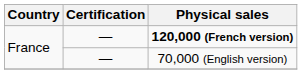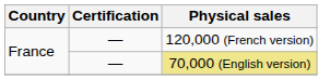 <table class="wikitable">
 <tr>
 <th>Country</th>
 <th>Certification</th>
 <th>Physical sales</th>
 </tr>
 <tr>
 <td rowspan="2">France</td>
 <td align="center">—</td>
-<td align="center"><strong>120,000 <small>(French version)</small></strong></td>
+<td align="center">120,000 <small>(French version)</small></td>
 </tr>
 <tr>
 <td align="center">—</td>
-<td align="center">70,000 <small>(English version)</small></td>
+<td align="center" style="background: khaki;">70,000 <small>(English version)</small></td>
 </tr>
 <tr>
 </tr>
 </table>
